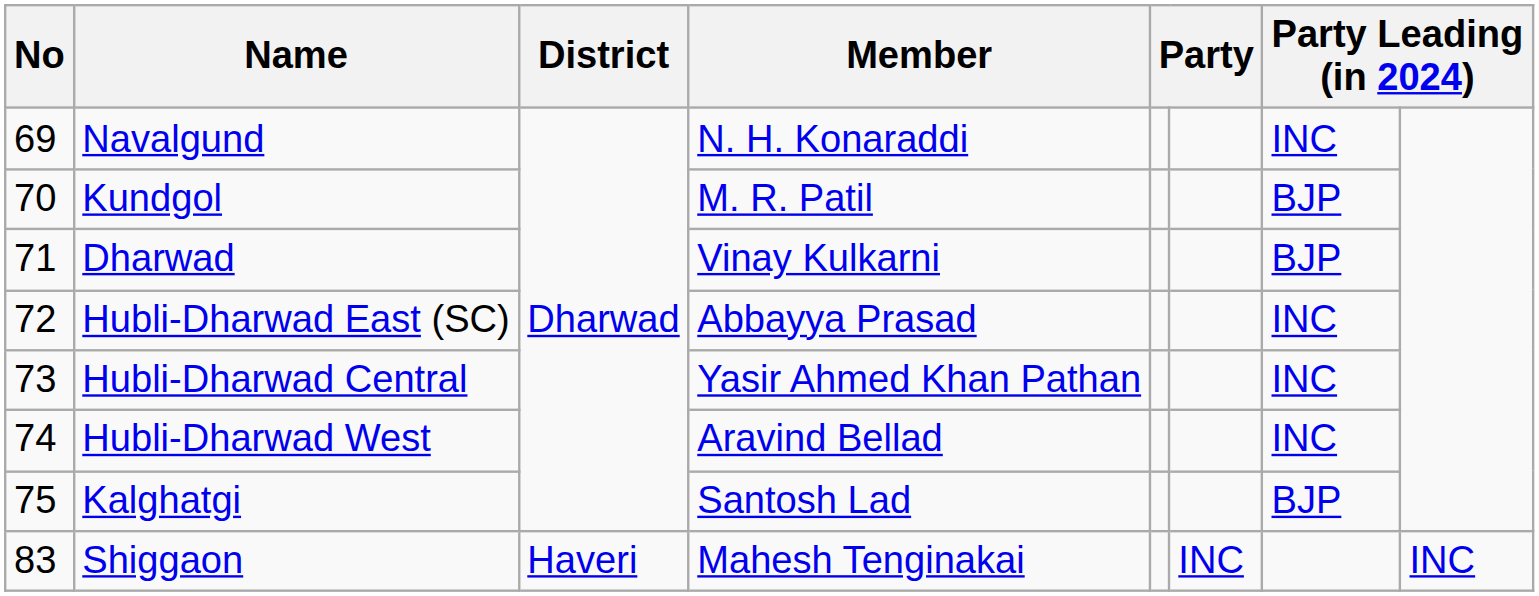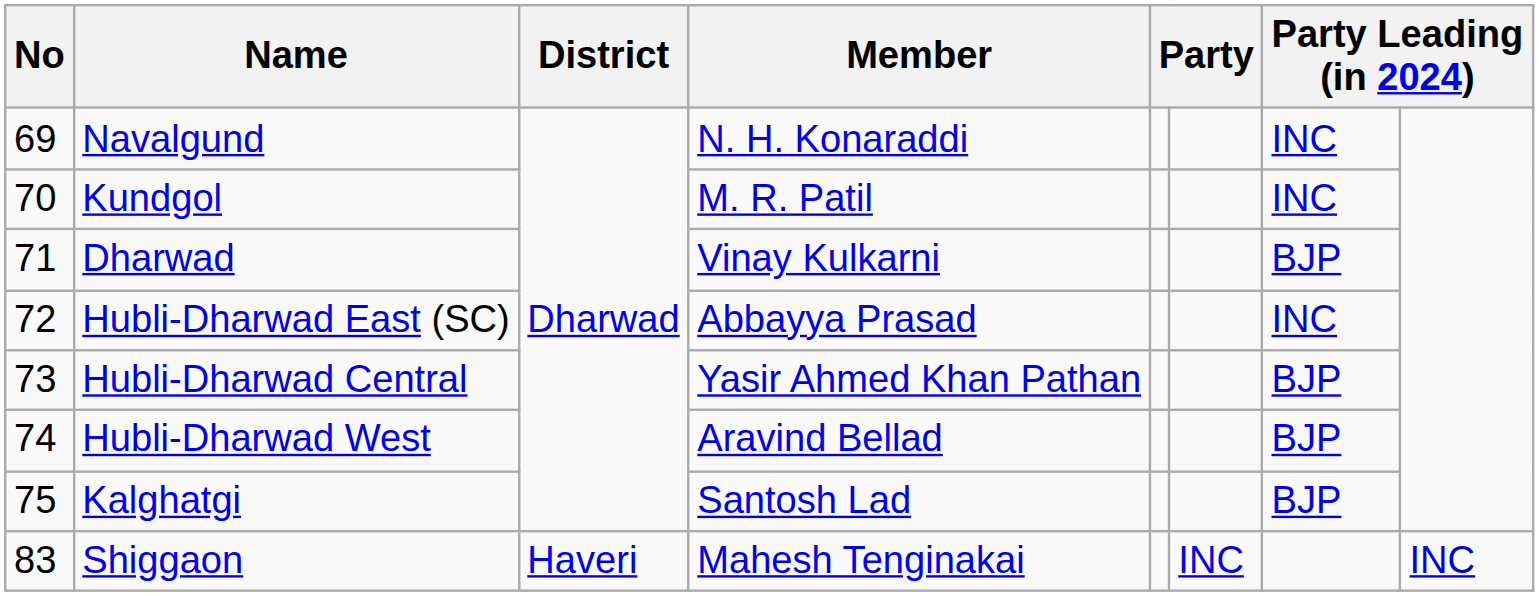 <table class="wikitable">
 <tr>
 <th>No</th>
 <th>Name</th>
 <th>District</th>
 <th>Member</th>
 <th colspan="2">Party</th>
 <th colspan="2">Party Leading<br>(in <a href='#'>2024</a>)</th>
 </tr>
 <tr>
 <td>69</td>
 <td><a href='#'>Navalgund</a></td>
 <td rowspan="7"><a href='#'>Dharwad</a></td>
 <td><a href='#'>N. H. Konaraddi</a></td>
 <td></td>
 <td style="background-color: "></td>
 <td><a href='#'>INC</a></td>
 </tr>
 <tr>
 <td>70</td>
 <td><a href='#'>Kundgol</a></td>
 <td><a href='#'>M. R. Patil</a></td>
 <td></td>
 <td style="background-color: "></td>
-<td><a href='#'>BJP</a></td>
+<td><a href='#'>INC</a></td>
 </tr>
 <tr>
 <td>71</td>
 <td><a href='#'>Dharwad</a></td>
 <td><a href='#'>Vinay Kulkarni</a></td>
 <td></td>
 <td style="background-color: "></td>
 <td><a href='#'>BJP</a></td>
 </tr>
 <tr>
 <td>72</td>
 <td><a href='#'>Hubli-Dharwad East</a> (SC)</td>
 <td><a href='#'>Abbayya Prasad</a></td>
 <td></td>
 <td style="background-color: "></td>
 <td><a href='#'>INC</a></td>
 </tr>
 <tr>
 <td>73</td>
 <td><a href='#'>Hubli-Dharwad Central</a></td>
 <td><a href='#'>Yasir Ahmed Khan Pathan</a></td>
 <td></td>
 <td style="background-color: "></td>
-<td><a href='#'>INC</a></td>
+<td><a href='#'>BJP</a></td>
 </tr>
 <tr>
 <td>74</td>
 <td><a href='#'>Hubli-Dharwad West</a></td>
 <td><a href='#'>Aravind Bellad</a></td>
 <td></td>
 <td style="background-color: "></td>
-<td><a href='#'>INC</a></td>
+<td><a href='#'>BJP</a></td>
 </tr>
 <tr>
 <td>75</td>
 <td><a href='#'>Kalghatgi</a></td>
 <td><a href='#'>Santosh Lad</a></td>
 <td></td>
 <td style="background-color: "></td>
 <td><a href='#'>BJP</a></td>
 </tr>
 <tr>
 <td>83</td>
 <td><a href='#'>Shiggaon</a></td>
 <td><a href='#'>Haveri</a></td>
 <td><a href='#'>Mahesh Tenginakai</a></td>
 <td style="background-color: "></td>
 <td><a href='#'>INC</a></td>
 <td style="background-color: "></td>
 <td><a href='#'>INC</a></td>
 </tr>
 </table>
